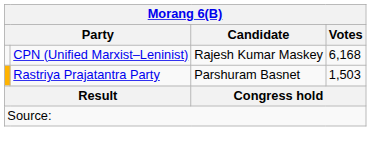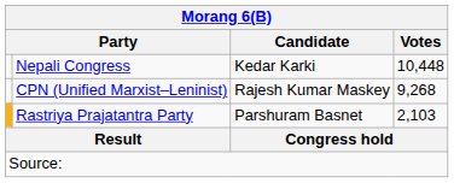 <table class="wikitable">
 <tr>
 <th colspan="4"><a href='#'>Morang 6(B)</a></th>
 </tr>
 <tr>
 <th colspan="2">Party</th>
 <th>Candidate</th>
 <th>Votes</th>
 </tr>
 <tr>
 <td style="background-color:"></td>
+<td><a href='#'>Nepali Congress</a></td>
+<td>Kedar Karki</td>
+<td>10,448</td>
+</tr>
+<tr>
+<td style="background-color:"></td>
 <td><a href='#'>CPN (Unified Marxist–Leninist)</a></td>
 <td>Rajesh Kumar Maskey</td>
-<td>6,168</td>
+<td>9,268</td>
 </tr>
 <tr>
 <td style="background-color:#ffb300"></td>
 <td><a href='#'>Rastriya Prajatantra Party</a></td>
 <td>Parshuram Basnet</td>
-<td>1,503</td>
+<td>2,103</td>
 </tr>
 <tr>
 <th colspan="2">Result</th>
 <th colspan="2">Congress hold</th>
 </tr>
 <tr>
 <td colspan="4">Source: </td>
 </tr>
 </table>
